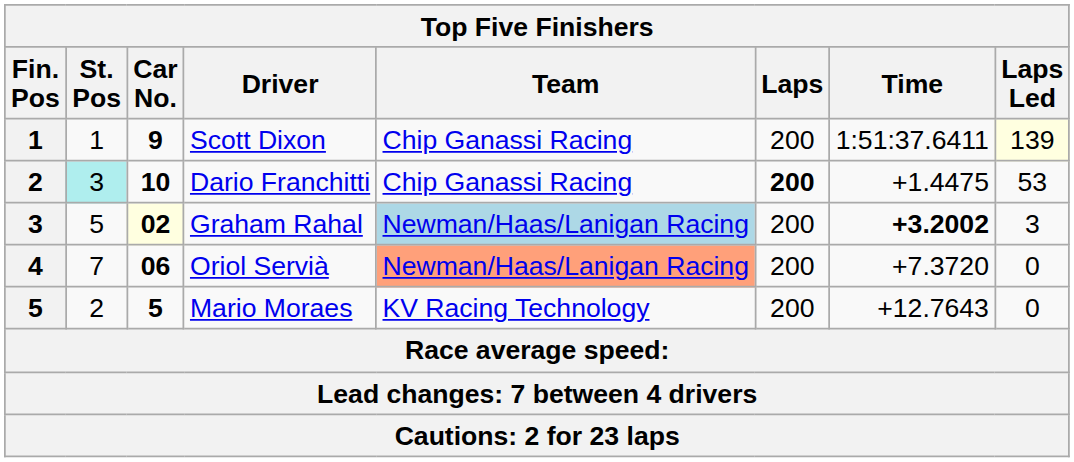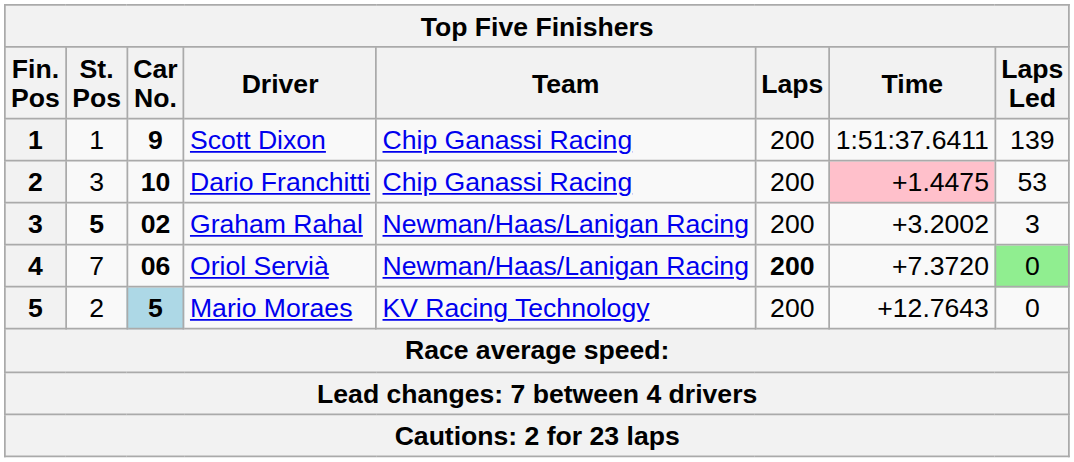 <table class="wikitable" style="font-size:95%;text-align:center">
 <tr>
 <th colspan=9>Top Five Finishers</th>
 </tr>
 <tr>
 <th>Fin.<br>Pos</th>
 <th>St.<br>Pos</th>
 <th>Car<br>No.</th>
 <th>Driver</th>
 <th>Team</th>
 <th>Laps</th>
 <th>Time</th>
 <th>Laps<br>Led</th>
 </tr>
 <tr>
 <th>1</th>
 <td>1</td>
 <td><strong>9</strong></td>
 <td style="text-align:left"> <a href='#'>Scott Dixon</a></td>
 <td style="text-align:left"><a href='#'>Chip Ganassi Racing</a></td>
 <td>200</td>
 <td align=right>1:51:37.6411</td>
-<td style="background: lightyellow;">139</td>
+<td>139</td>
 </tr>
 <tr>
 <th>2</th>
-<td style="background: paleturquoise;">3</td>
+<td>3</td>
 <td><strong>10</strong></td>
 <td style="text-align:left"> <a href='#'>Dario Franchitti</a></td>
 <td style="text-align:left"><a href='#'>Chip Ganassi Racing</a></td>
-<td><strong>200</strong></td>
-<td align=right>+1.4475</td>
+<td>200</td>
+<td align=right style="background: pink;">+1.4475</td>
 <td>53</td>
 </tr>
 <tr>
 <th>3</th>
-<td>5</td>
-<td style="background: lightyellow;"><strong>02</strong></td>
+<td><strong>5</strong></td>
+<td><strong>02</strong></td>
 <td style="text-align:left"> <a href='#'>Graham Rahal</a></td>
-<td style="background: lightblue; text-align:left"><a href='#'>Newman/Haas/Lanigan Racing</a></td>
+<td style="text-align:left"><a href='#'>Newman/Haas/Lanigan Racing</a></td>
 <td>200</td>
-<td align=right><strong>+3.2002</strong></td>
+<td align=right>+3.2002</td>
 <td>3</td>
 </tr>
 <tr>
 <th>4</th>
 <td>7</td>
 <td><strong>06</strong></td>
 <td style="text-align:left"> <a href='#'>Oriol Servià</a></td>
-<td style="background: lightsalmon; text-align:left"><a href='#'>Newman/Haas/Lanigan Racing</a></td>
-<td>200</td>
+<td style="text-align:left"><a href='#'>Newman/Haas/Lanigan Racing</a></td>
+<td><strong>200</strong></td>
 <td align=right>+7.3720</td>
-<td>0</td>
+<td style="background: lightgreen;">0</td>
 </tr>
 <tr>
 <th>5</th>
 <td>2</td>
-<td><strong>5</strong></td>
+<td style="background: lightblue;"><strong>5</strong></td>
 <td style="text-align:left"> <a href='#'>Mario Moraes</a></td>
 <td style="text-align:left"><a href='#'>KV Racing Technology</a></td>
 <td>200</td>
 <td align=right>+12.7643</td>
 <td>0</td>
 </tr>
 <tr>
 <th colspan=9>Race average speed: </th>
 </tr>
 <tr>
 <th colspan=9>Lead changes: 7 between 4 drivers</th>
 </tr>
 <tr>
 <th colspan=9>Cautions: 2 for 23 laps</th>
 </tr>
 </table>
